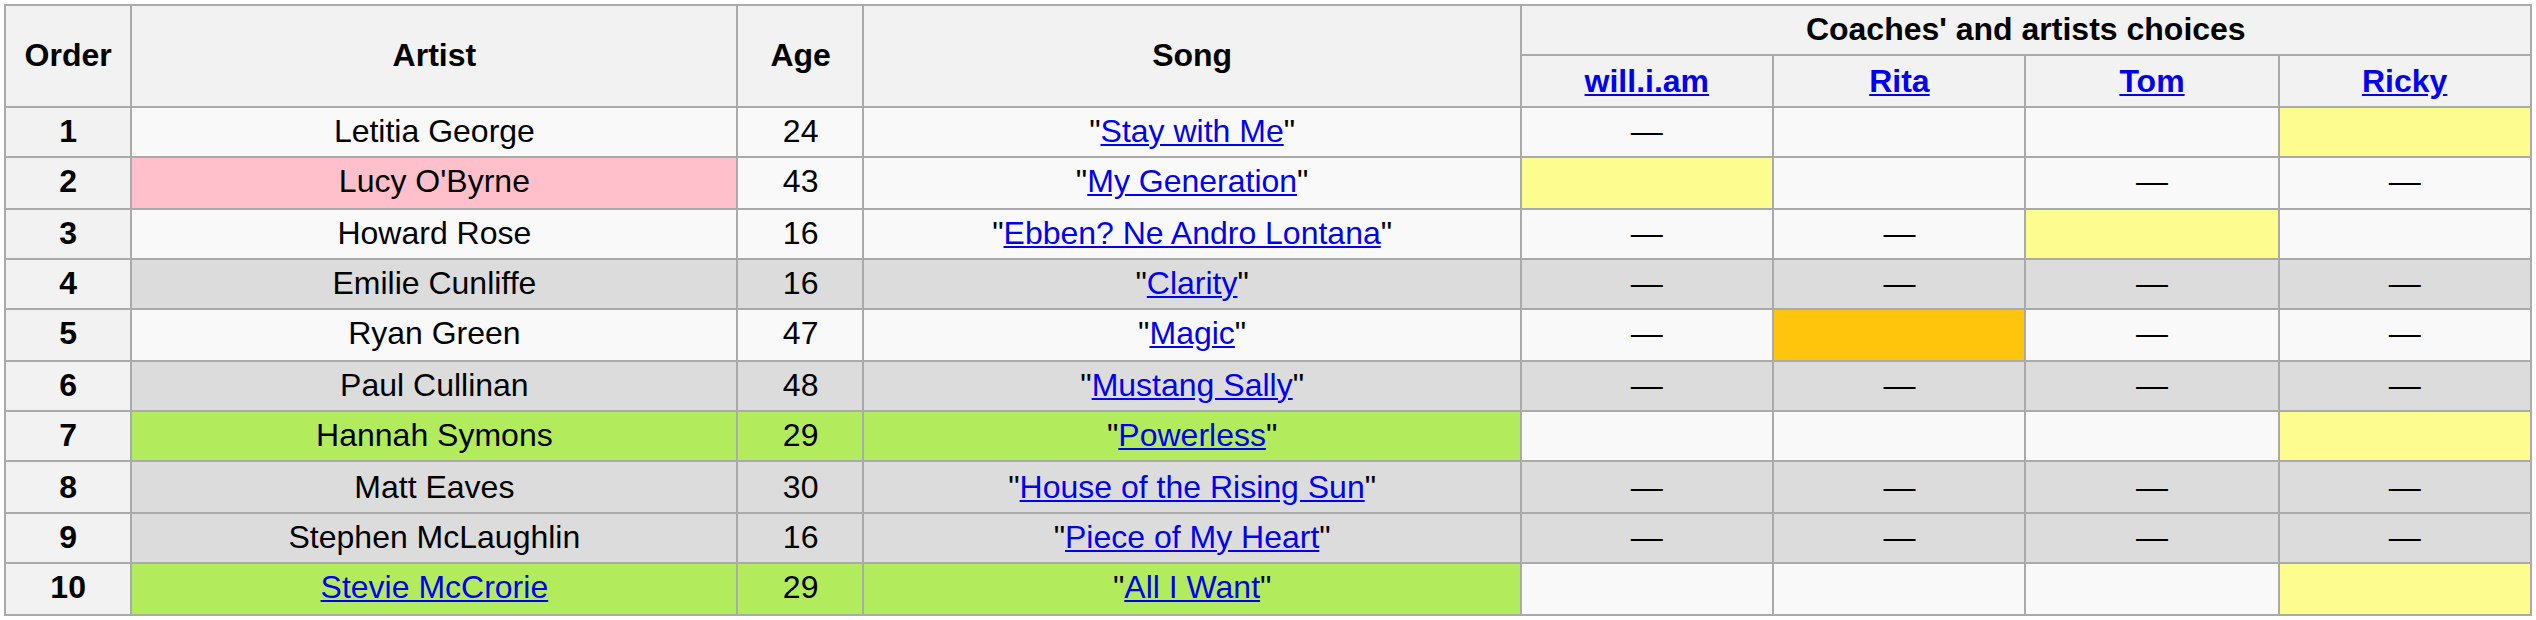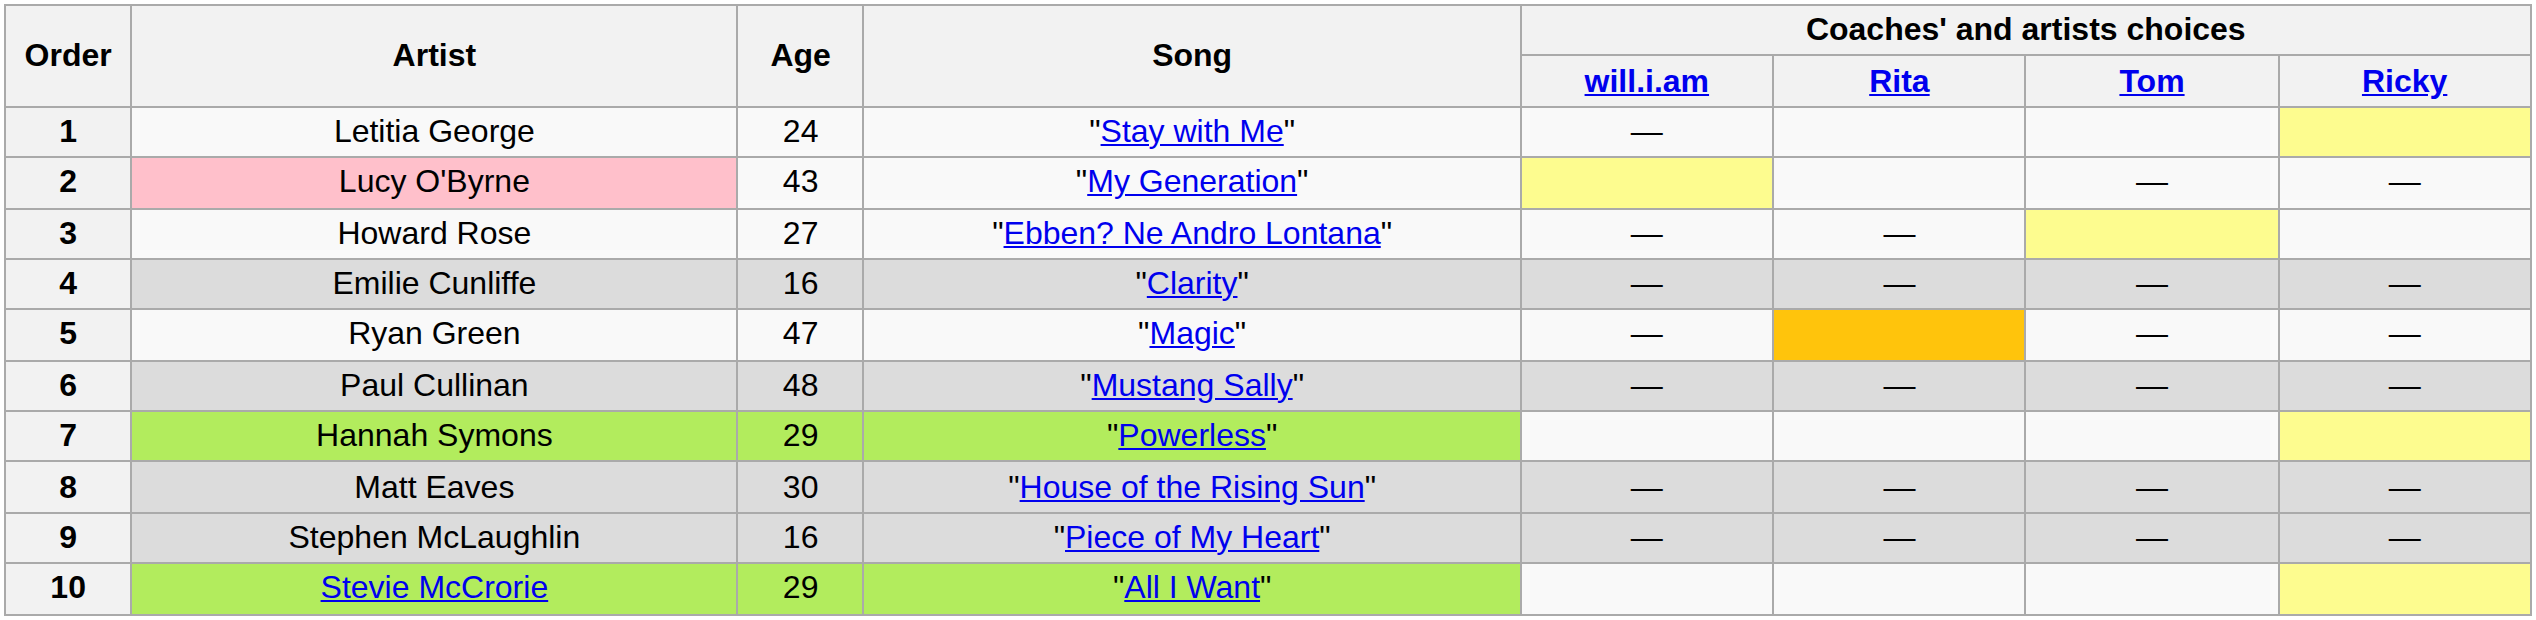 <table class="wikitable" style="text-align:center; width:100%;">
 <tr>
 <th scope="col" rowspan="2" style="width:05%;">Order</th>
 <th scope="col" rowspan="2" style="width:24%;">Artist</th>
 <th scope="col" rowspan="2" style="width:05%;">Age</th>
 <th scope="col" rowspan="2" style="width:26%;">Song</th>
 <th colspan="4" style="width:40%;">Coaches' and artists choices</th>
 </tr>
 <tr>
 <th style="width:10%;"><a href='#'>will.i.am</a></th>
 <th style="width:10%;"><a href='#'>Rita</a></th>
 <th style="width:10%;"><a href='#'>Tom</a></th>
 <th style="width:10%;"><a href='#'>Ricky</a></th>
 </tr>
 <tr>
 <th scope="col">1</th>
 <td>Letitia George</td>
 <td>24</td>
 <td>"<a href='#'>Stay with Me</a>"</td>
 <td>—</td>
 <td><strong></strong></td>
 <td><strong></strong></td>
 <td style="background:#fdfc8f;text-align:center;"><strong></strong></td>
 </tr>
 <tr>
 <th scope="col">2</th>
 <td style="background: pink;">Lucy O'Byrne</td>
 <td>43</td>
 <td>"<a href='#'>My Generation</a>"</td>
 <td style="background:#fdfc8f;text-align:center;"><strong></strong></td>
 <td><strong></strong></td>
 <td>—</td>
 <td>—</td>
 </tr>
 <tr>
 <th scope="col">3</th>
 <td>Howard Rose</td>
-<td>16</td>
+<td>27</td>
 <td>"<a href='#'>Ebben? Ne Andro Lontana</a>"</td>
 <td>—</td>
 <td>—</td>
 <td style="background:#fdfc8f;text-align:center;"><strong></strong></td>
 <td><strong></strong></td>
 </tr>
 <tr style="background:#DCDCDC">
 <th scope="col">4</th>
 <td style="background:#DCDCDC; text-align:center;">Emilie Cunliffe</td>
 <td style="background:#DCDCDC; text-align:center;">16</td>
 <td style="background:#DCDCDC; text-align:center;">"<a href='#'>Clarity</a>"</td>
 <td>—</td>
 <td>—</td>
 <td>—</td>
 <td>—</td>
 </tr>
 <tr>
 <th scope="col">5</th>
 <td>Ryan Green</td>
 <td>47</td>
 <td>"<a href='#'>Magic</a>"</td>
 <td>—</td>
 <td style="background:#FFC40C;text-align:center;"><strong></strong></td>
 <td>—</td>
 <td>—</td>
 </tr>
 <tr style="background:#DCDCDC">
 <th scope="col">6</th>
 <td style="background:#DCDCDC; text-align:center;">Paul Cullinan</td>
 <td style="background:#DCDCDC; text-align:center;">48</td>
 <td style="background:#DCDCDC; text-align:center;">"<a href='#'>Mustang Sally</a>"</td>
 <td>—</td>
 <td>—</td>
 <td>—</td>
 <td>—</td>
 </tr>
 <tr>
 <th scope="col">7</th>
 <td style="background-color:#B2EC5D;">Hannah Symons</td>
 <td style="background-color:#B2EC5D;">29</td>
 <td style="background-color:#B2EC5D;">"<a href='#'>Powerless</a>"</td>
 <td><strong></strong></td>
 <td><strong></strong></td>
 <td><strong></strong></td>
 <td style="background:#fdfc8f;text-align:center;"><strong></strong></td>
 </tr>
 <tr style="background:#DCDCDC">
 <th scope="col">8</th>
 <td style="background:#DCDCDC; text-align:center;">Matt Eaves</td>
 <td style="background:#DCDCDC; text-align:center;">30</td>
 <td style="background:#DCDCDC; text-align:center;">"<a href='#'>House of the Rising Sun</a>"</td>
 <td>—</td>
 <td>—</td>
 <td>—</td>
 <td>—</td>
 </tr>
 <tr style="background:#DCDCDC">
 <th scope="col">9</th>
 <td style="background:#DCDCDC; text-align:center;">Stephen McLaughlin</td>
 <td style="background:#DCDCDC; text-align:center;">16</td>
 <td style="background:#DCDCDC; text-align:center;">"<a href='#'>Piece of My Heart</a>"</td>
 <td>—</td>
 <td>—</td>
 <td>—</td>
 <td>—</td>
 </tr>
 <tr>
 <th scope="col">10</th>
 <td style="background-color:#B2EC5D;"><a href='#'>Stevie McCrorie</a></td>
 <td style="background-color:#B2EC5D;">29</td>
 <td style="background-color:#B2EC5D;">"<a href='#'>All I Want</a>"</td>
 <td><strong></strong></td>
 <td><strong></strong></td>
 <td><strong></strong></td>
 <td style="background:#fdfc8f;text-align:center;"><strong></strong></td>
 </tr>
 <tr>
 </tr>
 </table>
